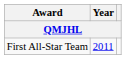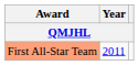 <table class="wikitable">
 <tr>
 <th>Award</th>
 <th>Year</th>
 <th></th>
 </tr>
 <tr>
 <th colspan="3"><a href='#'>QMJHL</a></th>
 </tr>
 <tr>
-<td>First All-Star Team</td>
+<td style="background: lightsalmon;">First All-Star Team</td>
 <td><a href='#'>2011</a></td>
 <td></td>
 </tr>
 </table>
